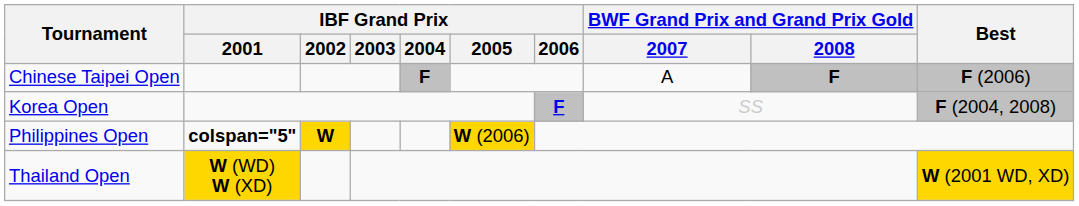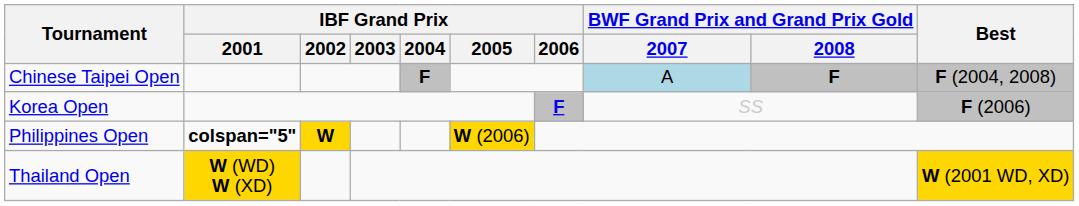 <table class="wikitable" style="font-size: 90%; text-align:center">
 <tr>
 <th rowspan="2">Tournament</th>
 <th colspan="6"><strong>IBF Grand Prix</strong></th>
 <th colspan="2"><strong><a href='#'>BWF Grand Prix and Grand Prix Gold</a></strong></th>
 <th rowspan="2">Best</th>
 </tr>
 <tr>
 <th>2001</th>
 <th>2002</th>
 <th>2003</th>
 <th>2004</th>
 <th>2005</th>
 <th>2006</th>
 <th><a href='#'>2007</a></th>
 <th><a href='#'>2008</a></th>
 </tr>
 <tr>
 <td align=left><a href='#'>Chinese Taipei Open</a></td>
 <td></td>
 <td colspan="2"></td>
 <td bgcolor=Silver><strong>F</strong></td>
 <td colspan="2"></td>
-<td>A</td>
+<td style="background: lightblue;">A</td>
 <td bgcolor=Silver><strong>F</strong></td>
-<td bgcolor=Silver><strong>F</strong> (2006)</td>
+<td bgcolor=Silver><strong>F</strong> (2004, 2008)</td>
 </tr>
 <tr>
 <td align=left><a href='#'>Korea Open</a></td>
 <td colspan="5"></td>
 <td bgcolor=Silver><a href='#'><strong>F</strong></a></td>
 <td colspan="2" style=color:#ccc><em>SS</em></td>
-<td bgcolor=Silver><strong>F</strong> (2004, 2008)</td>
+<td bgcolor=Silver><strong>F</strong> (2006)</td>
 </tr>
 <tr>
 <td align=left><a href='#'>Philippines Open</a></td>
 <td><strong>colspan="5" </strong></td>
 <td bgcolor=Gold><strong>W</strong></td>
 <td></td>
 <td></td>
 <td bgcolor=Gold><strong>W</strong> (2006)</td>
 </tr>
 <tr>
 <td align=left><a href='#'>Thailand Open</a></td>
 <td bgcolor=Gold><strong>W</strong> (WD)<br><strong>W</strong> (XD)</td>
 <td></td>
 <td colspan="6"></td>
 <td bgcolor=Gold><strong>W</strong> (2001 WD, XD)</td>
 </tr>
 </table>
